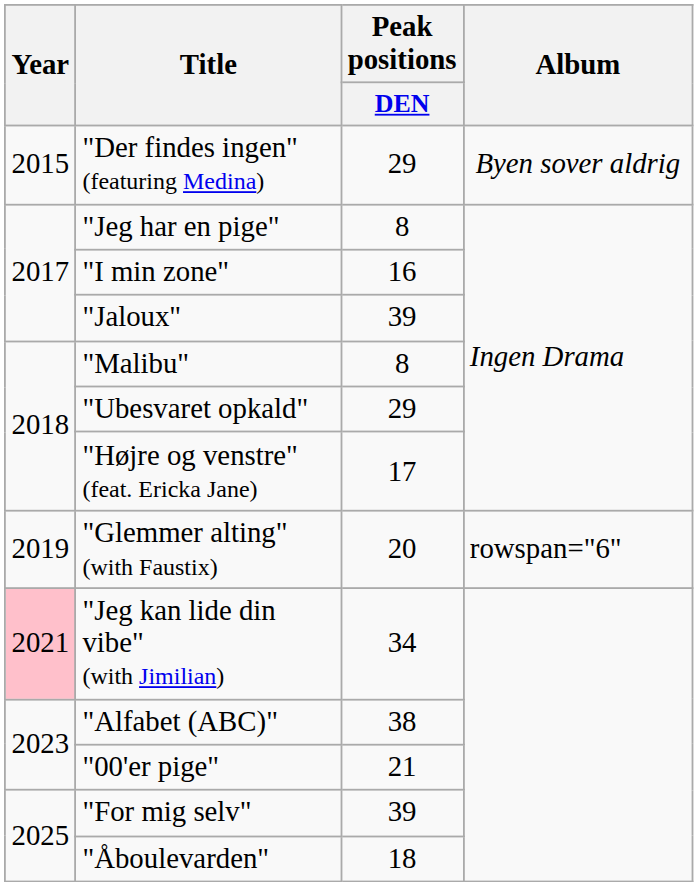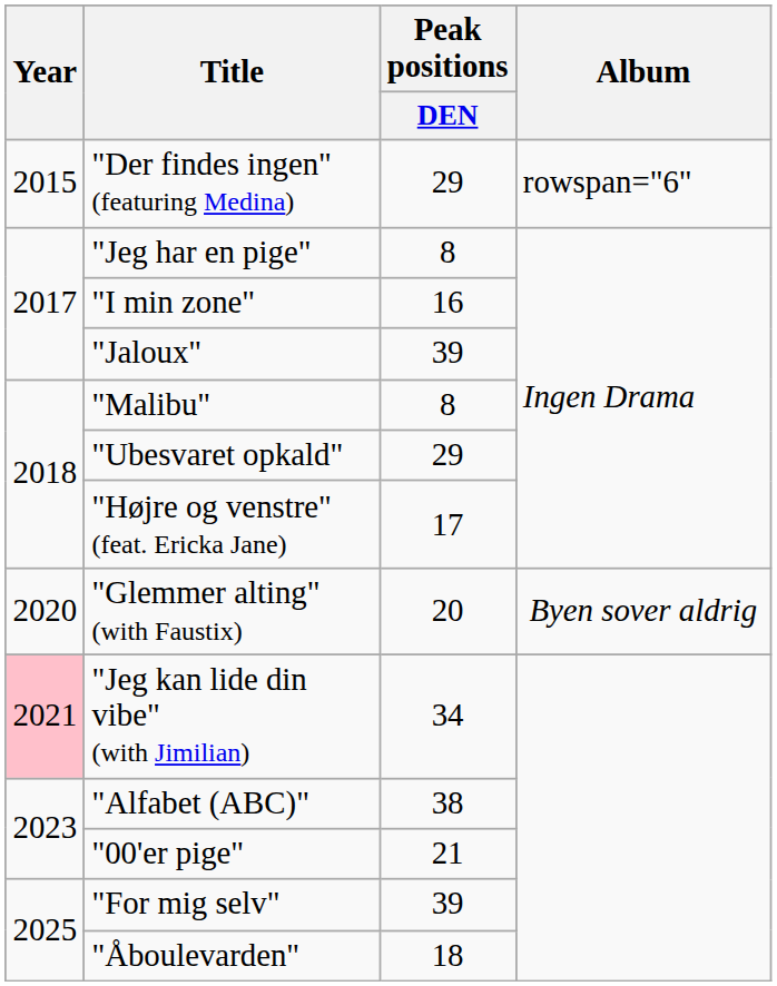 <table class="wikitable">
 <tr>
 <th align="center" rowspan="2" width="10">Year</th>
 <th align="center" rowspan="2" width="140">Title</th>
 <th align="center" colspan="1" width="20">Peak positions</th>
 <th align="center" rowspan="2" width="120">Album</th>
 </tr>
 <tr>
 <th scope="col" style="width:3em;font-size:90%;"><a href='#'>DEN</a><br></th>
 </tr>
 <tr>
 <td style="text-align:center;">2015</td>
 <td>"Der findes ingen" <br><small>(featuring <a href='#'>Medina</a>)</small></td>
 <td style="text-align:center;">29</td>
-<td style="text-align:center;"><em>Byen sover aldrig</em></td>
+<td>rowspan="6" </td>
 </tr>
 <tr>
 <td style="text-align:center;" rowspan="3">2017</td>
 <td>"Jeg har en pige"</td>
 <td style="text-align:center;">8</td>
 <td rowspan="6"><em>Ingen Drama</em></td>
 </tr>
 <tr>
 <td>"I min zone"</td>
 <td style="text-align:center;">16</td>
 </tr>
 <tr>
 <td>"Jaloux"</td>
 <td style="text-align:center;">39</td>
 </tr>
 <tr>
 <td style="text-align:center;" rowspan="3">2018</td>
 <td>"Malibu"</td>
 <td style="text-align:center;">8</td>
 </tr>
 <tr>
 <td>"Ubesvaret opkald"</td>
 <td style="text-align:center;">29</td>
 </tr>
 <tr>
 <td>"Højre og venstre" <br><small>(feat. Ericka Jane)</small></td>
 <td style="text-align:center;">17<br></td>
 </tr>
 <tr>
-<td style="text-align:center;">2019</td>
+<td style="text-align:center;">2020</td>
 <td>"Glemmer alting" <br><small>(with Faustix)</small></td>
 <td style="text-align:center;">20<br></td>
-<td>rowspan="6" </td>
+<td style="text-align:center;"><em>Byen sover aldrig</em></td>
 </tr>
 <tr>
 <td style="background: pink; text-align:center;">2021</td>
 <td>"Jeg kan lide din vibe" <br><small>(with <a href='#'>Jimilian</a>)</small></td>
 <td style="text-align:center;">34<br></td>
 </tr>
 <tr>
 <td style="text-align:center;" rowspan="2">2023</td>
 <td>"Alfabet (ABC)"</td>
 <td style="text-align:center;">38</td>
 </tr>
 <tr>
 <td>"00'er pige"</td>
 <td style="text-align:center;">21</td>
 </tr>
 <tr>
 <td style="text-align:center;" rowspan="2">2025</td>
 <td>"For mig selv"<br></td>
 <td style="text-align:center;">39<br></td>
 </tr>
 <tr>
 <td>"Åboulevarden"</td>
 <td style="text-align:center;">18<br></td>
 </tr>
 </table>
